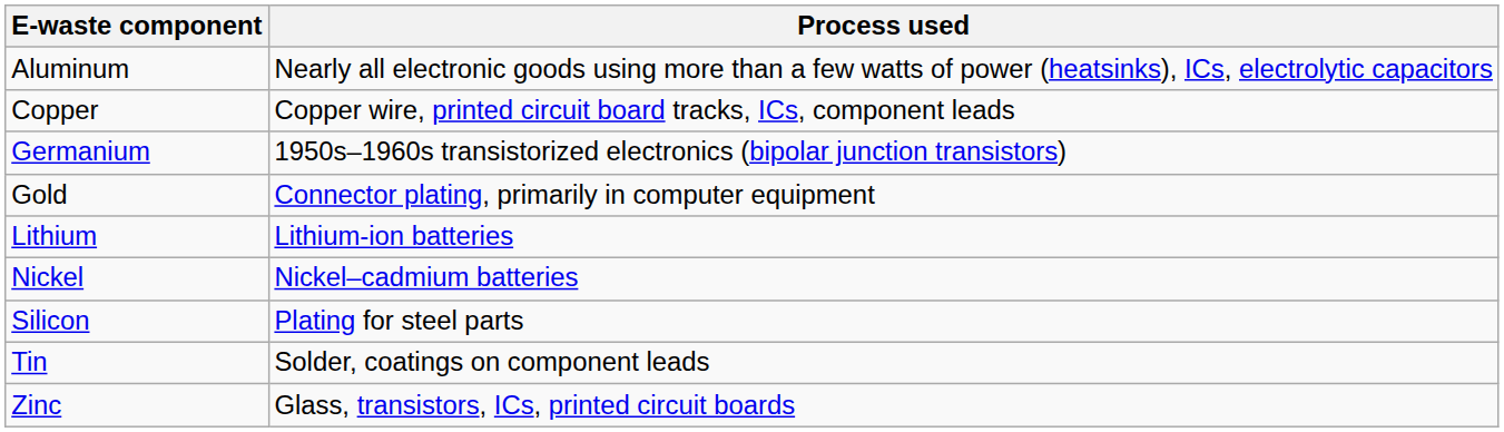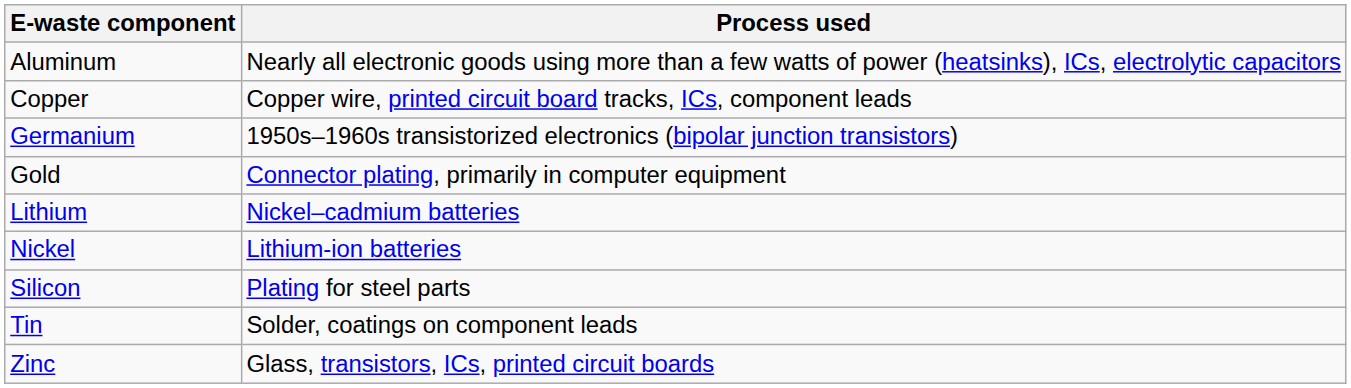 <table class="wikitable">
 <tr>
 <th>E-waste component</th>
 <th>Process used</th>
 </tr>
 <tr>
 <td>Aluminum</td>
 <td>Nearly all electronic goods using more than a few watts of power (<a href='#'>heatsinks</a>), <a href='#'>ICs</a>, <a href='#'>electrolytic capacitors</a></td>
 </tr>
 <tr>
 <td>Copper</td>
 <td>Copper wire, <a href='#'>printed circuit board</a> tracks, <a href='#'>ICs</a>, component leads</td>
 </tr>
 <tr>
 <td><a href='#'>Germanium</a></td>
 <td>1950s–1960s transistorized electronics (<a href='#'>bipolar junction transistors</a>)</td>
 </tr>
 <tr>
 <td>Gold</td>
 <td><a href='#'>Connector plating</a>, primarily in computer equipment</td>
 </tr>
 <tr>
 <td><a href='#'>Lithium</a></td>
-<td><a href='#'>Lithium-ion batteries</a></td>
+<td><a href='#'>Nickel–cadmium batteries</a></td>
 </tr>
 <tr>
 <td><a href='#'>Nickel</a></td>
-<td><a href='#'>Nickel–cadmium batteries</a></td>
+<td><a href='#'>Lithium-ion batteries</a></td>
 </tr>
 <tr>
 <td><a href='#'>Silicon</a></td>
 <td><a href='#'>Plating</a> for steel parts</td>
 </tr>
 <tr>
 <td><a href='#'>Tin</a></td>
 <td>Solder, coatings on component leads</td>
 </tr>
 <tr>
 <td><a href='#'>Zinc</a></td>
 <td>Glass, <a href='#'>transistors</a>, <a href='#'>ICs</a>, <a href='#'>printed circuit boards</a></td>
 </tr>
 </table>
